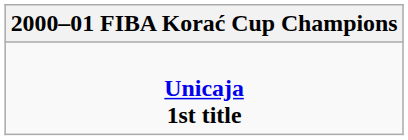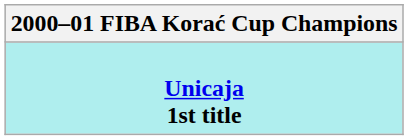 <table class=wikitable style="text-align:center; margin:auto">
 <tr>
 <th>2000–01 FIBA Korać Cup Champions</th>
 </tr>
 <tr>
-<td><br> <strong><a href='#'>Unicaja</a></strong> <br> <strong>1st title</strong></td>
+<td style="background: paleturquoise;"><br> <strong><a href='#'>Unicaja</a></strong> <br> <strong>1st title</strong></td>
 </tr>
 </table>
